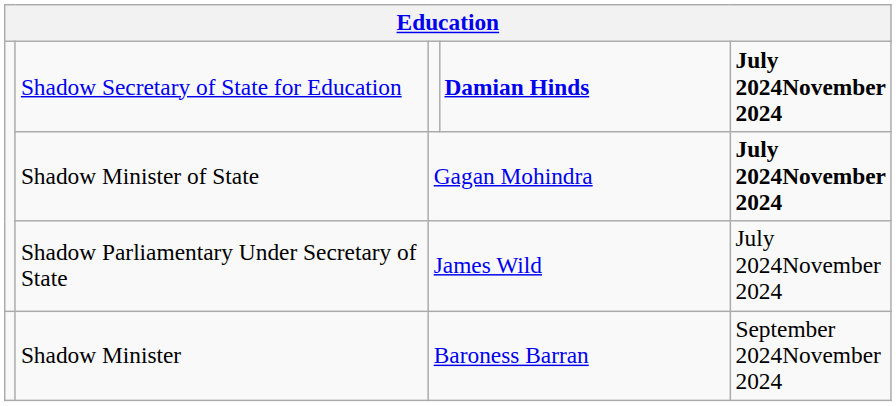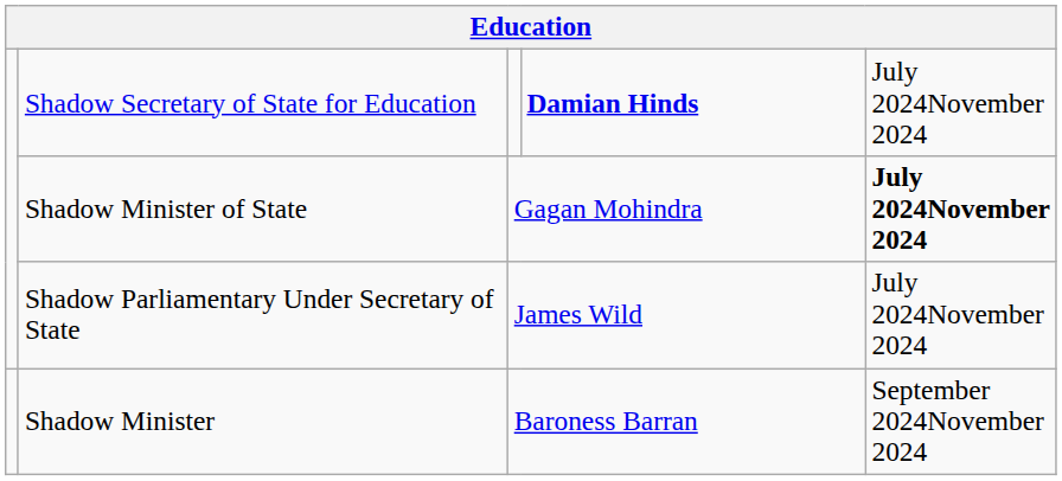 <table class="wikitable">
 <tr>
 <th colspan="5"><a href='#'>Education</a></th>
 </tr>
 <tr>
 <td rowspan="3" style="background: "></td>
 <td style="width: 450px;"><a href='#'>Shadow Secretary of State for Education</a></td>
 <td style="background: "></td>
 <td style="width: 320px;"><strong><a href='#'>Damian Hinds</a></strong></td>
-<td><strong>July 2024November 2024</strong></td>
+<td>July 2024November 2024</td>
 </tr>
 <tr>
 <td>Shadow Minister of State</td>
 <td colspan="2"><a href='#'>Gagan Mohindra</a></td>
 <td><strong>July 2024November 2024</strong></td>
 </tr>
 <tr>
 <td>Shadow Parliamentary Under Secretary of State</td>
 <td colspan="2"><a href='#'>James Wild</a></td>
 <td>July 2024November 2024</td>
 </tr>
 <tr>
 <td style="background: "></td>
 <td>Shadow Minister</td>
 <td colspan="2"><a href='#'>Baroness Barran</a></td>
 <td>September 2024November 2024</td>
 </tr>
 </table>
